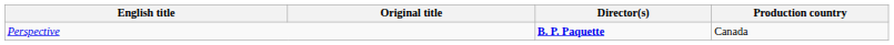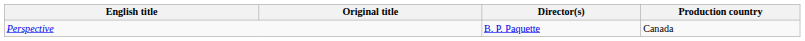 <table class="wikitable" width=100%>
 <tr>
 <th scope="col" width="32%">English title</th>
 <th scope="col" width="28%">Original title</th>
 <th scope="col" width="20%">Director(s)</th>
 <th scope="col" width="20%">Production country</th>
 </tr>
 <tr>
 <td colspan=2><em><a href='#'>Perspective</a></em></td>
-<td><strong><a href='#'>B. P. Paquette</a></strong></td>
+<td><a href='#'>B. P. Paquette</a></td>
 <td>Canada</td>
 </tr>
 </table>
